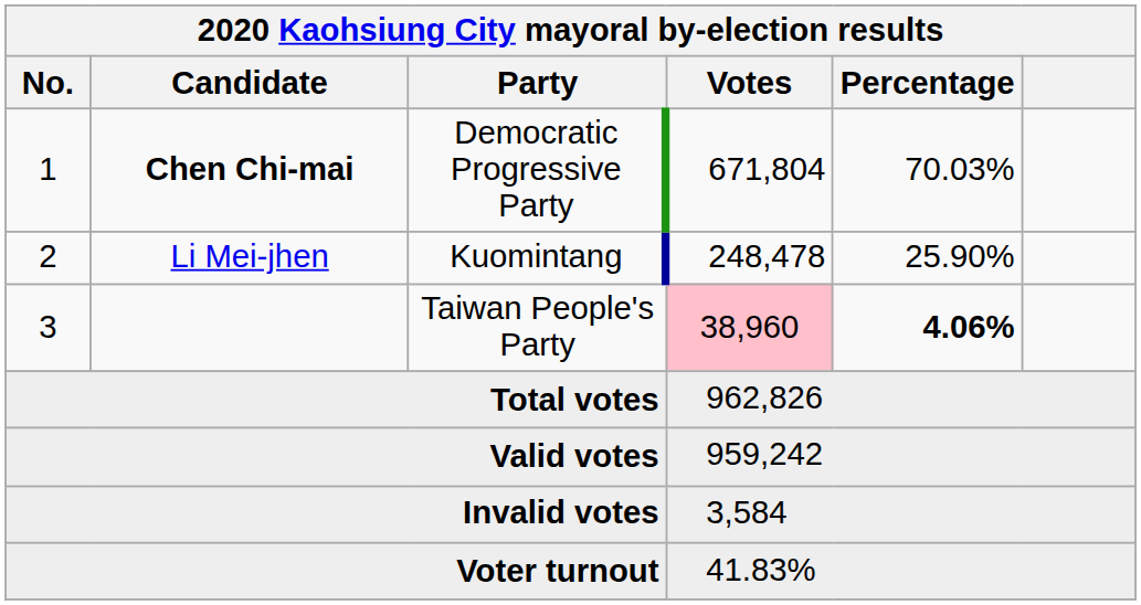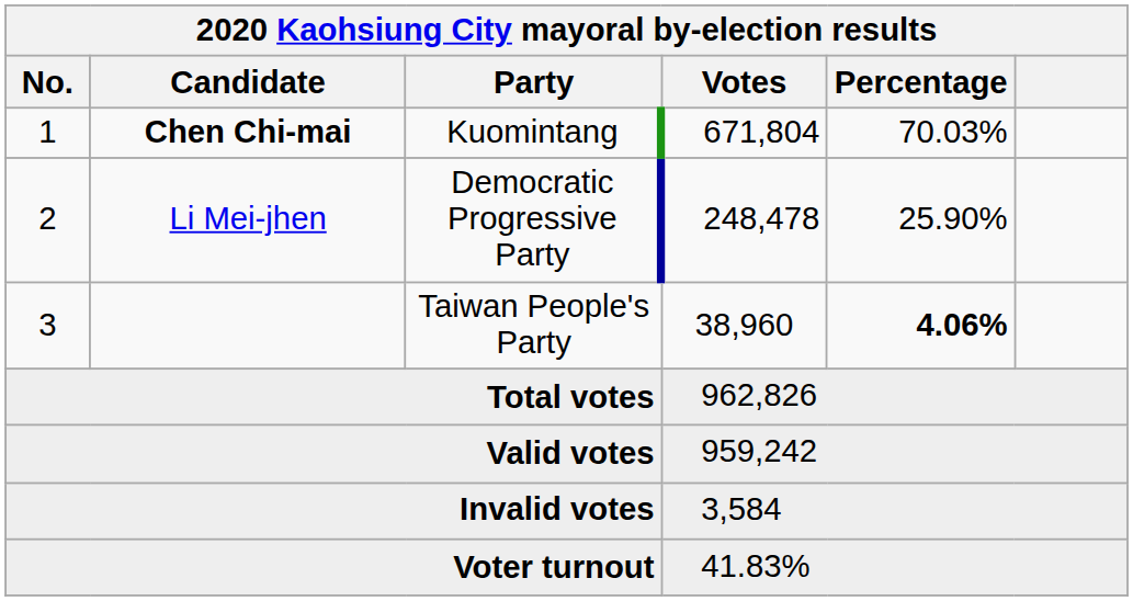 <table class="wikitable collapsible" style="text-align:center;margin:1em auto;">
 <tr>
 <th colspan="6">2020 <a href='#'>Kaohsiung City</a> mayoral by-election results</th>
 </tr>
 <tr>
 <th width=35>No.</th>
 <th width=150>Candidate</th>
 <th width=120>Party</th>
 <th width=75>Votes</th>
 <th width=75>Percentage</th>
 <th width=49></th>
 </tr>
 <tr>
 <td>1</td>
 <td><strong>Chen Chi-mai</strong></td>
-<td>Democratic Progressive Party</td>
+<td> Kuomintang</td>
 <td style="border-left:4px solid #1B9413;" align="right">671,804</td>
 <td align="right">70.03%</td>
 <td align="center"></td>
 </tr>
 <tr>
 <td>2</td>
 <td><a href='#'>Li Mei-jhen</a></td>
-<td> Kuomintang</td>
+<td>Democratic Progressive Party</td>
 <td style="border-left:4px solid #000099;" align="right">248,478</td>
 <td align="right">25.90%</td>
 <td align="center"></td>
 </tr>
 <tr>
 <td>3</td>
 <td></td>
 <td> Taiwan People's Party</td>
-<td style="background: pink; border-left:4px ">38,960</td>
+<td style="border-left:4px ">38,960</td>
 <td align="right"><strong>4.06%</strong></td>
 <td align="center"></td>
 </tr>
 <tr bgcolor=EEEEEE>
 <td colspan="3" align="right"><strong>Total votes</strong></td>
 <td colspan="3" align="left">　962,826</td>
 </tr>
 <tr bgcolor=EEEEEE>
 <td colspan="3" align="right"><strong>Valid votes</strong></td>
 <td colspan="3" align="left">　959,242</td>
 </tr>
 <tr bgcolor=EEEEEE>
 <td colspan="3" align="right"><strong>Invalid votes</strong></td>
 <td colspan="3" align="left">　3,584</td>
 </tr>
 <tr bgcolor=EEEEEE>
 <td colspan="3" align="right"><strong>Voter turnout</strong></td>
 <td colspan="3" align="left">　41.83%</td>
 </tr>
 </table>
